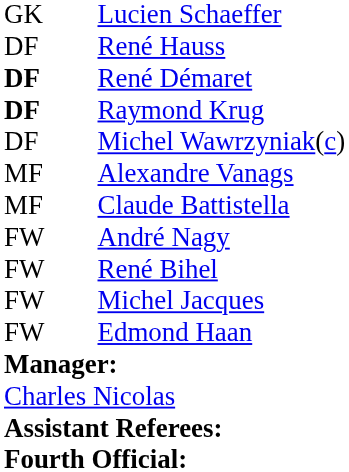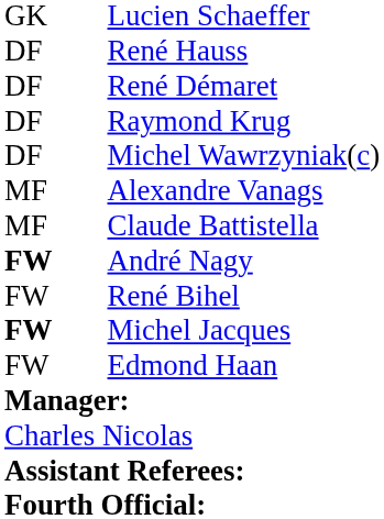 <table style=font-size:90% cellspacing=0 cellpadding=0>
 <tr>
 <td colspan=4></td>
 </tr>
 <tr>
 <th width=25></th>
 <th width=25></th>
 </tr>
 <tr>
 <td>GK</td>
 <td><strong> </strong></td>
 <td> <a href='#'>Lucien Schaeffer</a></td>
 </tr>
 <tr>
 <td>DF</td>
 <td><strong> </strong></td>
 <td> <a href='#'>René Hauss</a></td>
 </tr>
 <tr>
-<td><strong>DF</strong></td>
+<td>DF</td>
 <td><strong> </strong></td>
 <td> <a href='#'>René Démaret</a></td>
 </tr>
 <tr>
-<td><strong>DF</strong></td>
+<td>DF</td>
 <td><strong> </strong></td>
 <td> <a href='#'>Raymond Krug</a></td>
 </tr>
 <tr>
 <td>DF</td>
 <td><strong> </strong></td>
 <td> <a href='#'>Michel Wawrzyniak</a></td>
 <td>(<a href='#'>c</a>)</td>
 </tr>
 <tr>
 <td>MF</td>
 <td><strong> </strong></td>
 <td> <a href='#'>Alexandre Vanags</a></td>
 </tr>
 <tr>
 <td>MF</td>
 <td><strong> </strong></td>
 <td> <a href='#'>Claude Battistella</a></td>
 </tr>
 <tr>
-<td>FW</td>
+<td><strong>FW</strong></td>
 <td><strong> </strong></td>
 <td> <a href='#'>André Nagy</a></td>
 </tr>
 <tr>
 <td>FW</td>
 <td><strong> </strong></td>
 <td> <a href='#'>René Bihel</a></td>
 </tr>
 <tr>
-<td>FW</td>
+<td><strong>FW</strong></td>
 <td><strong> </strong></td>
 <td> <a href='#'>Michel Jacques</a></td>
 </tr>
 <tr>
 <td>FW</td>
 <td><strong> </strong></td>
 <td> <a href='#'>Edmond Haan</a></td>
 </tr>
 <tr>
 <td colspan=3><strong>Manager:</strong></td>
 </tr>
 <tr>
 <td colspan=4> <a href='#'>Charles Nicolas</a><br><strong>Assistant Referees:</strong><br> <strong>Fourth Official:</strong><br></td>
 </tr>
 </table>
